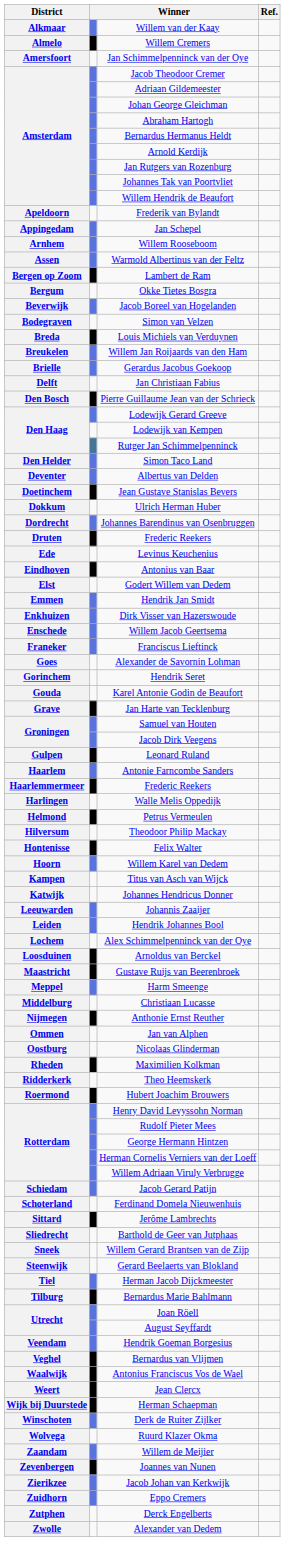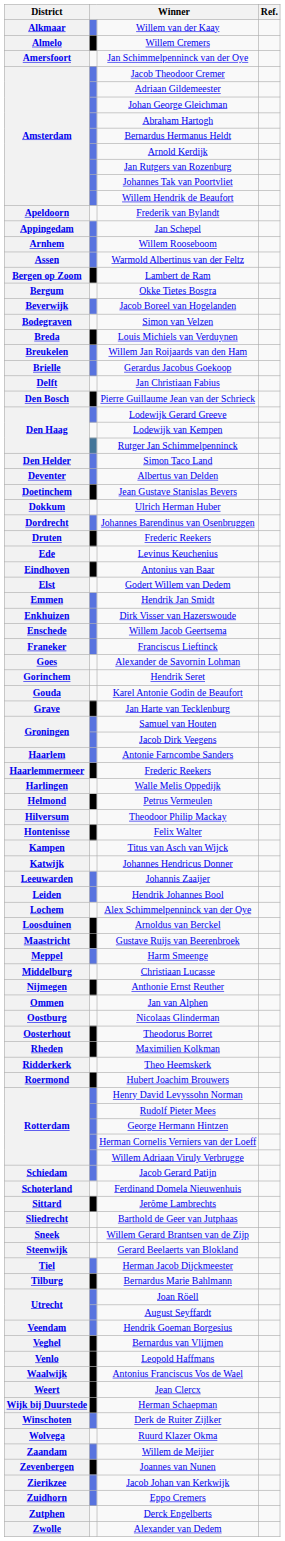 <table class="wikitable">
 <tr style="text-align:center;">
 <th>District</th>
 <th colspan=2>Winner</th>
 <th>Ref.</th>
 </tr>
 <tr>
 <th><a href='#'>Alkmaar</a></th>
 <td style="width:5px; background:#5873DF"></td>
 <td style="text-align:center"><a href='#'>Willem van der Kaay</a></td>
 <td></td>
 </tr>
 <tr>
 <th><a href='#'>Almelo</a></th>
 <td style="width:5px; background:black"></td>
 <td style="text-align:center"><a href='#'>Willem Cremers</a></td>
 <td></td>
 </tr>
 <tr>
 <th><a href='#'>Amersfoort</a></th>
 <td style="width:5px; background:"></td>
 <td style="text-align:center"><a href='#'>Jan Schimmelpenninck van der Oye</a></td>
 <td></td>
 </tr>
 <tr>
 <th rowspan=9><a href='#'>Amsterdam</a></th>
 <td style="width:5px; background:#5873DF"></td>
 <td style="text-align:center"><a href='#'>Jacob Theodoor Cremer</a></td>
 <td></td>
 </tr>
 <tr>
 <td style="width:5px; background:#5873DF"></td>
 <td style="text-align:center"><a href='#'>Adriaan Gildemeester</a></td>
 <td></td>
 </tr>
 <tr>
 <td style="width:5px; background:#5873DF"></td>
 <td style="text-align:center"><a href='#'>Johan George Gleichman</a></td>
 <td></td>
 </tr>
 <tr>
 <td style="width:5px; background:#5873DF"></td>
 <td style="text-align:center"><a href='#'>Abraham Hartogh</a></td>
 <td></td>
 </tr>
 <tr>
 <td style="width:5px; background:#5873DF"></td>
 <td style="text-align:center"><a href='#'>Bernardus Hermanus Heldt</a></td>
 <td></td>
 </tr>
 <tr>
 <td style="width:5px; background:#5873DF"></td>
 <td style="text-align:center"><a href='#'>Arnold Kerdijk</a></td>
 <td></td>
 </tr>
 <tr>
 <td style="width:5px; background:#5873DF"></td>
 <td style="text-align:center"><a href='#'>Jan Rutgers van Rozenburg</a></td>
 <td></td>
 </tr>
 <tr>
 <td style="width:5px; background:#5873DF"></td>
 <td style="text-align:center"><a href='#'>Johannes Tak van Poortvliet</a></td>
 <td></td>
 </tr>
 <tr>
 <td style="width:5px; background:#5873DF"></td>
 <td style="text-align:center"><a href='#'>Willem Hendrik de Beaufort</a></td>
 <td></td>
 </tr>
 <tr>
 <th><a href='#'>Apeldoorn</a></th>
 <td style="width:5px; background:"></td>
 <td style="text-align:center"><a href='#'>Frederik van Bylandt</a></td>
 <td></td>
 </tr>
 <tr>
 <th><a href='#'>Appingedam</a></th>
 <td style="width:5px; background:#5873DF"></td>
 <td style="text-align:center"><a href='#'>Jan Schepel</a></td>
 <td></td>
 </tr>
 <tr>
 <th><a href='#'>Arnhem</a></th>
 <td style="width:5px; background:#5873DF"></td>
 <td style="text-align:center"><a href='#'>Willem Rooseboom</a></td>
 <td></td>
 </tr>
 <tr>
 <th><a href='#'>Assen</a></th>
 <td style="width:5px; background:#5873DF"></td>
 <td style="text-align:center"><a href='#'>Warmold Albertinus van der Feltz</a></td>
 <td></td>
 </tr>
 <tr>
 <th><a href='#'>Bergen op Zoom</a></th>
 <td style="width:5px; background:black"></td>
 <td style="text-align:center"><a href='#'>Lambert de Ram</a></td>
 <td></td>
 </tr>
 <tr>
 <th><a href='#'>Bergum</a></th>
 <td style="width:5px; background:"></td>
 <td style="text-align:center"><a href='#'>Okke Tietes Bosgra</a></td>
 <td></td>
 </tr>
 <tr>
 <th><a href='#'>Beverwijk</a></th>
 <td style="width:5px; background:#5873DF"></td>
 <td style="text-align:center"><a href='#'>Jacob Boreel van Hogelanden</a></td>
 <td></td>
 </tr>
 <tr>
 <th><a href='#'>Bodegraven</a></th>
 <td style="width:5px; background:"></td>
 <td style="text-align:center"><a href='#'>Simon van Velzen</a></td>
 <td></td>
 </tr>
 <tr>
 <th><a href='#'>Breda</a></th>
 <td style="width:5px; background:black"></td>
 <td style="text-align:center"><a href='#'>Louis Michiels van Verduynen</a></td>
 <td></td>
 </tr>
 <tr>
 <th><a href='#'>Breukelen</a></th>
 <td style="width:5px; background:#5873DF"></td>
 <td style="text-align:center"><a href='#'>Willem Jan Roijaards van den Ham</a></td>
 <td></td>
 </tr>
 <tr>
 <th><a href='#'>Brielle</a></th>
 <td style="width:5px; background:#5873DF"></td>
 <td style="text-align:center"><a href='#'>Gerardus Jacobus Goekoop</a></td>
 <td></td>
 </tr>
 <tr>
 <th><a href='#'>Delft</a></th>
 <td style="width:5px; background:"></td>
 <td style="text-align:center"><a href='#'>Jan Christiaan Fabius</a></td>
 <td></td>
 </tr>
 <tr>
 <th><a href='#'>Den Bosch</a></th>
 <td style="width:5px; background:black"></td>
 <td style="text-align:center"><a href='#'>Pierre Guillaume Jean van der Schrieck</a></td>
 <td></td>
 </tr>
 <tr>
 <th rowspan=3><a href='#'>Den Haag</a></th>
 <td style="width:5px; background:#5873DF"></td>
 <td style="text-align:center"><a href='#'>Lodewijk Gerard Greeve</a></td>
 <td></td>
 </tr>
 <tr>
 <td style="width:5px; background:"></td>
 <td style="text-align:center"><a href='#'>Lodewijk van Kempen</a></td>
 <td></td>
 </tr>
 <tr>
 <td style="width:5px; background:#437599"></td>
 <td style="text-align:center"><a href='#'>Rutger Jan Schimmelpenninck</a></td>
 <td></td>
 </tr>
 <tr>
 <th><a href='#'>Den Helder</a></th>
 <td style="width:5px; background:#5873DF"></td>
 <td style="text-align:center"><a href='#'>Simon Taco Land</a></td>
 <td></td>
 </tr>
 <tr>
 <th><a href='#'>Deventer</a></th>
 <td style="width:5px; background:#5873DF"></td>
 <td style="text-align:center"><a href='#'>Albertus van Delden</a></td>
 <td></td>
 </tr>
 <tr>
 <th><a href='#'>Doetinchem</a></th>
 <td style="width:5px; background:black"></td>
 <td style="text-align:center"><a href='#'>Jean Gustave Stanislas Bevers</a></td>
 <td></td>
 </tr>
 <tr>
 <th><a href='#'>Dokkum</a></th>
 <td style="width:5px; background:"></td>
 <td style="text-align:center"><a href='#'>Ulrich Herman Huber</a></td>
 <td></td>
 </tr>
 <tr>
 <th><a href='#'>Dordrecht</a></th>
 <td style="width:5px; background:#5873DF"></td>
 <td style="text-align:center"><a href='#'>Johannes Barendinus van Osenbruggen</a></td>
 <td></td>
 </tr>
 <tr>
 <th><a href='#'>Druten</a></th>
 <td style="width:5px; background:black"></td>
 <td style="text-align:center"><a href='#'>Frederic Reekers</a></td>
 <td></td>
 </tr>
 <tr>
 <th><a href='#'>Ede</a></th>
 <td style="width:5px; background:"></td>
 <td style="text-align:center"><a href='#'>Levinus Keuchenius</a></td>
 <td></td>
 </tr>
 <tr>
 <th><a href='#'>Eindhoven</a></th>
 <td style="width:5px; background:black"></td>
 <td style="text-align:center"><a href='#'>Antonius van Baar</a></td>
 <td></td>
 </tr>
 <tr>
 <th><a href='#'>Elst</a></th>
 <td style="width:5px; background:"></td>
 <td style="text-align:center"><a href='#'>Godert Willem van Dedem</a></td>
 <td></td>
 </tr>
 <tr>
 <th><a href='#'>Emmen</a></th>
 <td style="width:5px; background:#5873DF"></td>
 <td style="text-align:center"><a href='#'>Hendrik Jan Smidt</a></td>
 <td></td>
 </tr>
 <tr>
 <th><a href='#'>Enkhuizen</a></th>
 <td style="width:5px; background:#5873DF"></td>
 <td style="text-align:center"><a href='#'>Dirk Visser van Hazerswoude</a></td>
 <td></td>
 </tr>
 <tr>
 <th><a href='#'>Enschede</a></th>
 <td style="width:5px; background:#5873DF"></td>
 <td style="text-align:center"><a href='#'>Willem Jacob Geertsema</a></td>
 <td></td>
 </tr>
 <tr>
 <th><a href='#'>Franeker</a></th>
 <td style="width:5px; background:#5873DF"></td>
 <td style="text-align:center"><a href='#'>Franciscus Lieftinck</a></td>
 <td></td>
 </tr>
 <tr>
 <th><a href='#'>Goes</a></th>
 <td style="width:5px; background:"></td>
 <td style="text-align:center"><a href='#'>Alexander de Savornin Lohman</a></td>
 <td></td>
 </tr>
 <tr>
 <th><a href='#'>Gorinchem</a></th>
 <td style="width:5px; background:"></td>
 <td style="text-align:center"><a href='#'>Hendrik Seret</a></td>
 <td></td>
 </tr>
 <tr>
 <th><a href='#'>Gouda</a></th>
 <td style="width:5px; background:"></td>
 <td style="text-align:center"><a href='#'>Karel Antonie Godin de Beaufort</a></td>
 <td></td>
 </tr>
 <tr>
 <th><a href='#'>Grave</a></th>
 <td style="width:5px; background:black"></td>
 <td style="text-align:center"><a href='#'>Jan Harte van Tecklenburg</a></td>
 <td></td>
 </tr>
 <tr>
 <th rowspan=2><a href='#'>Groningen</a></th>
 <td style="width:5px; background:#5873DF"></td>
 <td style="text-align:center"><a href='#'>Samuel van Houten</a></td>
 <td></td>
 </tr>
 <tr>
 <td style="width:5px; background:#5873DF"></td>
 <td style="text-align:center"><a href='#'>Jacob Dirk Veegens</a></td>
 <td></td>
 </tr>
 <tr>
-<th><a href='#'>Gulpen</a></th>
-<td style="width:5px; background:black"></td>
-<td style="text-align:center"><a href='#'>Leonard Ruland</a></td>
-<td></td>
-</tr>
-<tr>
 <th><a href='#'>Haarlem</a></th>
 <td style="width:5px; background:#5873DF"></td>
 <td style="text-align:center"><a href='#'>Antonie Farncombe Sanders</a></td>
 <td></td>
 </tr>
 <tr>
 <th><a href='#'>Haarlemmermeer</a></th>
 <td style="width:5px; background:black"></td>
 <td style="text-align:center"><a href='#'>Frederic Reekers</a></td>
 <td></td>
 </tr>
 <tr>
 <th><a href='#'>Harlingen</a></th>
 <td style="width:5px; background:"></td>
 <td style="text-align:center"><a href='#'>Walle Melis Oppedijk</a></td>
 <td></td>
 </tr>
 <tr>
 <th><a href='#'>Helmond</a></th>
 <td style="width:5px; background:black"></td>
 <td style="text-align:center"><a href='#'>Petrus Vermeulen</a></td>
 <td></td>
 </tr>
 <tr>
 <th><a href='#'>Hilversum</a></th>
 <td style="width:5px; background:"></td>
 <td style="text-align:center"><a href='#'>Theodoor Philip Mackay</a></td>
 <td></td>
 </tr>
 <tr>
 <th><a href='#'>Hontenisse</a></th>
 <td style="width:5px; background:black"></td>
 <td style="text-align:center"><a href='#'>Felix Walter</a></td>
-<td></td>
-</tr>
-<tr>
-<th><a href='#'>Hoorn</a></th>
-<td style="width:5px; background:#5873DF"></td>
-<td style="text-align:center"><a href='#'>Willem Karel van Dedem</a></td>
 <td></td>
 </tr>
 <tr>
 <th><a href='#'>Kampen</a></th>
 <td style="width:5px; background:"></td>
 <td style="text-align:center"><a href='#'>Titus van Asch van Wijck</a></td>
 <td></td>
 </tr>
 <tr>
 <th><a href='#'>Katwijk</a></th>
 <td style="width:5px; background:"></td>
 <td style="text-align:center"><a href='#'>Johannes Hendricus Donner</a></td>
 <td></td>
 </tr>
 <tr>
 <th><a href='#'>Leeuwarden</a></th>
 <td style="width:5px; background:#5873DF"></td>
 <td style="text-align:center"><a href='#'>Johannis Zaaijer</a></td>
 <td></td>
 </tr>
 <tr>
 <th><a href='#'>Leiden</a></th>
 <td style="width:5px; background:#5873DF"></td>
 <td style="text-align:center"><a href='#'>Hendrik Johannes Bool</a></td>
 <td></td>
 </tr>
 <tr>
 <th><a href='#'>Lochem</a></th>
 <td style="width:5px; background:"></td>
 <td style="text-align:center"><a href='#'>Alex Schimmelpenninck van der Oye</a></td>
 <td></td>
 </tr>
 <tr>
 <th><a href='#'>Loosduinen</a></th>
 <td style="width:5px; background:black"></td>
 <td style="text-align:center"><a href='#'>Arnoldus van Berckel</a></td>
 <td></td>
 </tr>
 <tr>
 <th><a href='#'>Maastricht</a></th>
 <td style="width:5px; background:black"></td>
 <td style="text-align:center"><a href='#'>Gustave Ruijs van Beerenbroek</a></td>
 <td></td>
 </tr>
 <tr>
 <th><a href='#'>Meppel</a></th>
 <td style="width:5px; background:#5873DF"></td>
 <td style="text-align:center"><a href='#'>Harm Smeenge</a></td>
 <td></td>
 </tr>
 <tr>
 <th><a href='#'>Middelburg</a></th>
 <td style="width:5px; background:"></td>
 <td style="text-align:center"><a href='#'>Christiaan Lucasse</a></td>
 <td></td>
 </tr>
 <tr>
 <th><a href='#'>Nijmegen</a></th>
 <td style="width:5px; background:black"></td>
 <td style="text-align:center"><a href='#'>Anthonie Ernst Reuther</a></td>
 <td></td>
 </tr>
 <tr>
 <th><a href='#'>Ommen</a></th>
 <td style="width:5px; background:"></td>
 <td style="text-align:center"><a href='#'>Jan van Alphen</a></td>
 <td></td>
 </tr>
 <tr>
 <th><a href='#'>Oostburg</a></th>
 <td style="width:5px; background:"></td>
 <td style="text-align:center"><a href='#'>Nicolaas Glinderman</a></td>
+<td></td>
+</tr>
+<tr>
+<th><a href='#'>Oosterhout</a></th>
+<td style="width:5px; background:black"></td>
+<td style="text-align:center"><a href='#'>Theodorus Borret</a></td>
 <td></td>
 </tr>
 <tr>
 <th><a href='#'>Rheden</a></th>
 <td style="width:5px; background:black"></td>
 <td style="text-align:center"><a href='#'>Maximilien Kolkman</a></td>
 <td></td>
 </tr>
 <tr>
 <th><a href='#'>Ridderkerk</a></th>
 <td style="width:5px; background:"></td>
 <td style="text-align:center"><a href='#'>Theo Heemskerk</a></td>
 <td></td>
 </tr>
 <tr>
 <th><a href='#'>Roermond</a></th>
 <td style="width:5px; background:black"></td>
 <td style="text-align:center"><a href='#'>Hubert Joachim Brouwers</a></td>
 <td></td>
 </tr>
 <tr>
 <th rowspan=5><a href='#'>Rotterdam</a></th>
 <td style="width:5px; background:#5873DF"></td>
 <td style="text-align:center"><a href='#'>Henry David Levyssohn Norman</a></td>
 <td></td>
 </tr>
 <tr>
 <td style="width:5px; background:#5873DF"></td>
 <td style="text-align:center"><a href='#'>Rudolf Pieter Mees</a></td>
 <td></td>
 </tr>
 <tr>
 <td style="width:5px; background:#5873DF"></td>
 <td style="text-align:center"><a href='#'>George Hermann Hintzen</a></td>
 <td></td>
 </tr>
 <tr>
 <td style="width:5px; background:#5873DF"></td>
 <td style="text-align:center"><a href='#'>Herman Cornelis Verniers van der Loeff</a></td>
 <td></td>
 </tr>
 <tr>
 <td style="width:5px; background:#5873DF"></td>
 <td style="text-align:center"><a href='#'>Willem Adriaan Viruly Verbrugge</a></td>
 <td></td>
 </tr>
 <tr>
 <th><a href='#'>Schiedam</a></th>
 <td style="width:5px; background:#5873DF"></td>
 <td style="text-align:center"><a href='#'>Jacob Gerard Patijn</a></td>
 <td></td>
 </tr>
 <tr>
 <th><a href='#'>Schoterland</a></th>
 <td style="width:5px; background:"></td>
 <td style="text-align:center"><a href='#'>Ferdinand Domela Nieuwenhuis</a></td>
 <td></td>
 </tr>
 <tr>
 <th><a href='#'>Sittard</a></th>
 <td style="width:5px; background:black"></td>
 <td style="text-align:center"><a href='#'>Jerôme Lambrechts</a></td>
 <td></td>
 </tr>
 <tr>
 <th><a href='#'>Sliedrecht</a></th>
 <td style="width:5px; background:"></td>
 <td style="text-align:center"><a href='#'>Barthold de Geer van Jutphaas</a></td>
 <td></td>
 </tr>
 <tr>
 <th><a href='#'>Sneek</a></th>
 <td style="width:5px; background:"></td>
 <td style="text-align:center"><a href='#'>Willem Gerard Brantsen van de Zijp</a></td>
 <td></td>
 </tr>
 <tr>
 <th><a href='#'>Steenwijk</a></th>
 <td style="width:5px; background:"></td>
 <td style="text-align:center"><a href='#'>Gerard Beelaerts van Blokland</a></td>
 <td></td>
 </tr>
 <tr>
 <th><a href='#'>Tiel</a></th>
 <td style="width:5px; background:#5873DF"></td>
 <td style="text-align:center"><a href='#'>Herman Jacob Dijckmeester</a></td>
 <td></td>
 </tr>
 <tr>
 <th><a href='#'>Tilburg</a></th>
 <td style="width:5px; background:black"></td>
 <td style="text-align:center"><a href='#'>Bernardus Marie Bahlmann</a></td>
 <td></td>
 </tr>
 <tr>
 <th rowspan=2><a href='#'>Utrecht</a></th>
 <td style="width:5px; background:#5873DF"></td>
 <td style="text-align:center"><a href='#'>Joan Röell</a></td>
 <td></td>
 </tr>
 <tr>
 <td style="width:5px; background:#5873DF"></td>
 <td style="text-align:center"><a href='#'>August Seyffardt</a></td>
 <td></td>
 </tr>
 <tr>
 <th><a href='#'>Veendam</a></th>
 <td style="width:5px; background:#5873DF"></td>
 <td style="text-align:center"><a href='#'>Hendrik Goeman Borgesius</a></td>
 <td></td>
 </tr>
 <tr>
 <th><a href='#'>Veghel</a></th>
 <td style="width:5px; background:black"></td>
 <td style="text-align:center"><a href='#'>Bernardus van Vlijmen</a></td>
 <td></td>
 </tr>
 <tr>
+<th><a href='#'>Venlo</a></th>
+<td style="width:5px; background:black"></td>
+<td style="text-align:center"><a href='#'>Leopold Haffmans</a></td>
+<td></td>
+</tr>
+<tr>
 <th><a href='#'>Waalwijk</a></th>
 <td style="width:5px; background:black"></td>
 <td style="text-align:center"><a href='#'>Antonius Franciscus Vos de Wael</a></td>
 <td></td>
 </tr>
 <tr>
 <th><a href='#'>Weert</a></th>
 <td style="width:5px; background:black"></td>
 <td style="text-align:center"><a href='#'>Jean Clercx</a></td>
 <td></td>
 </tr>
 <tr>
 <th><a href='#'>Wijk bij Duurstede</a></th>
 <td style="width:5px; background:black"></td>
 <td style="text-align:center"><a href='#'>Herman Schaepman</a></td>
 <td></td>
 </tr>
 <tr>
 <th><a href='#'>Winschoten</a></th>
 <td style="width:5px; background:#5873DF"></td>
 <td style="text-align:center"><a href='#'>Derk de Ruiter Zijlker</a></td>
 <td></td>
 </tr>
 <tr>
 <th><a href='#'>Wolvega</a></th>
 <td style="width:5px; background:"></td>
 <td style="text-align:center"><a href='#'>Ruurd Klazer Okma</a></td>
 <td></td>
 </tr>
 <tr>
 <th><a href='#'>Zaandam</a></th>
 <td style="width:5px; background:#5873DF"></td>
 <td style="text-align:center"><a href='#'>Willem de Meijier</a></td>
 <td></td>
 </tr>
 <tr>
 <th><a href='#'>Zevenbergen</a></th>
 <td style="width:5px; background:black"></td>
 <td style="text-align:center"><a href='#'>Joannes van Nunen</a></td>
 <td></td>
 </tr>
 <tr>
 <th><a href='#'>Zierikzee</a></th>
 <td style="width:5px; background:#5873DF"></td>
 <td style="text-align:center"><a href='#'>Jacob Johan van Kerkwijk</a></td>
 <td></td>
 </tr>
 <tr>
 <th><a href='#'>Zuidhorn</a></th>
 <td style="width:5px; background:#5873DF"></td>
 <td style="text-align:center"><a href='#'>Eppo Cremers</a></td>
 <td></td>
 </tr>
 <tr>
 <th><a href='#'>Zutphen</a></th>
 <td style="width:5px; background:"></td>
 <td style="text-align:center"><a href='#'>Derck Engelberts</a></td>
 <td></td>
 </tr>
 <tr>
 <th><a href='#'>Zwolle</a></th>
 <td style="width:5px; background:"></td>
 <td style="text-align:center"><a href='#'>Alexander van Dedem</a></td>
 <td></td>
 </tr>
 </table>
